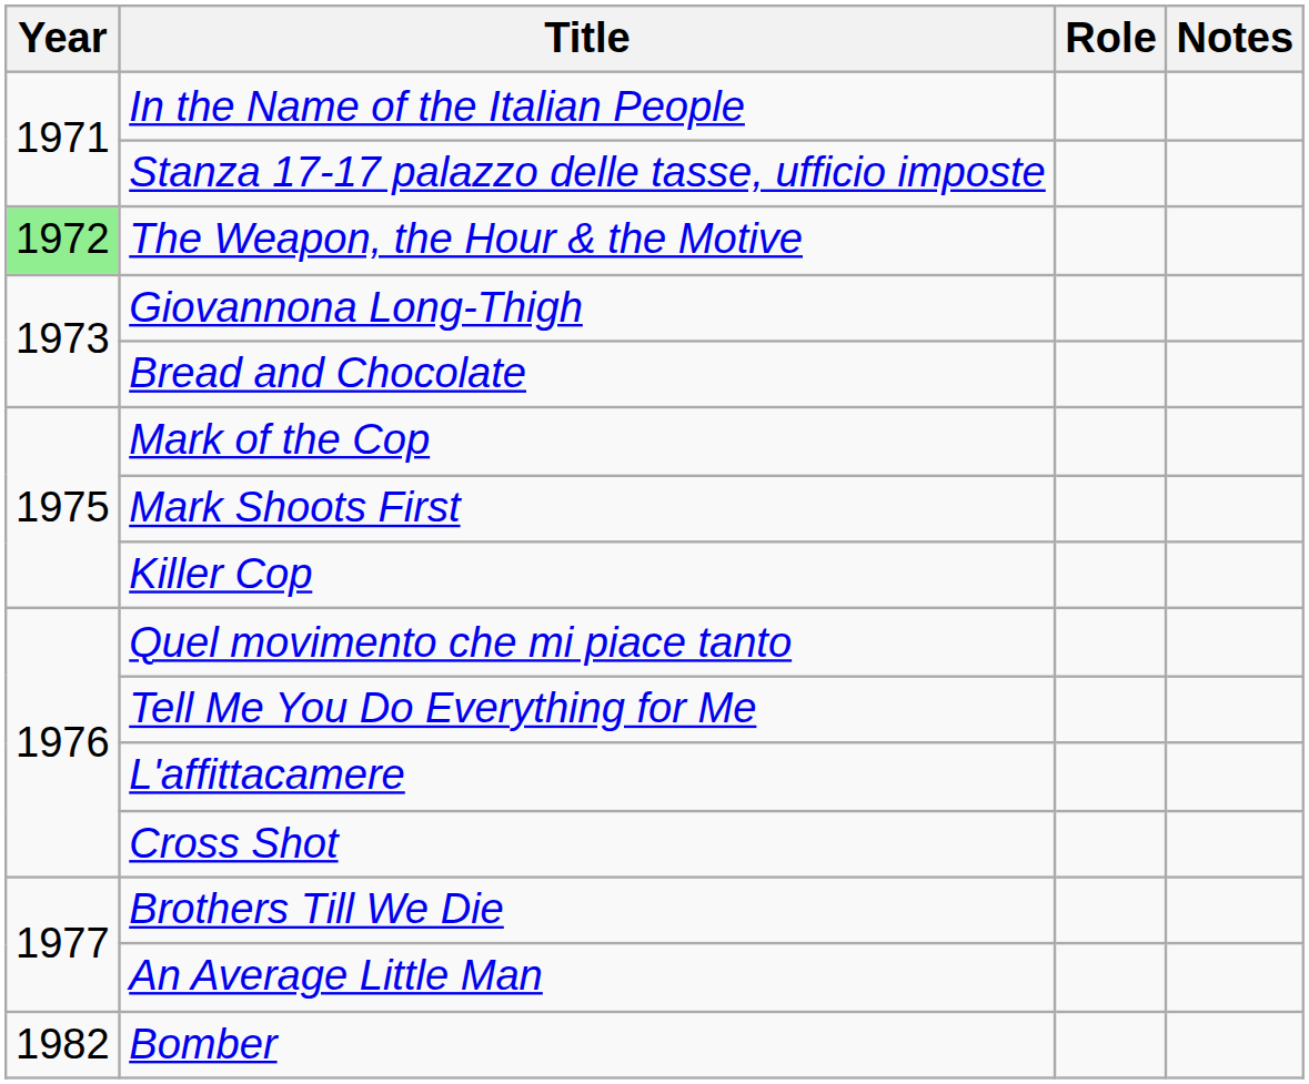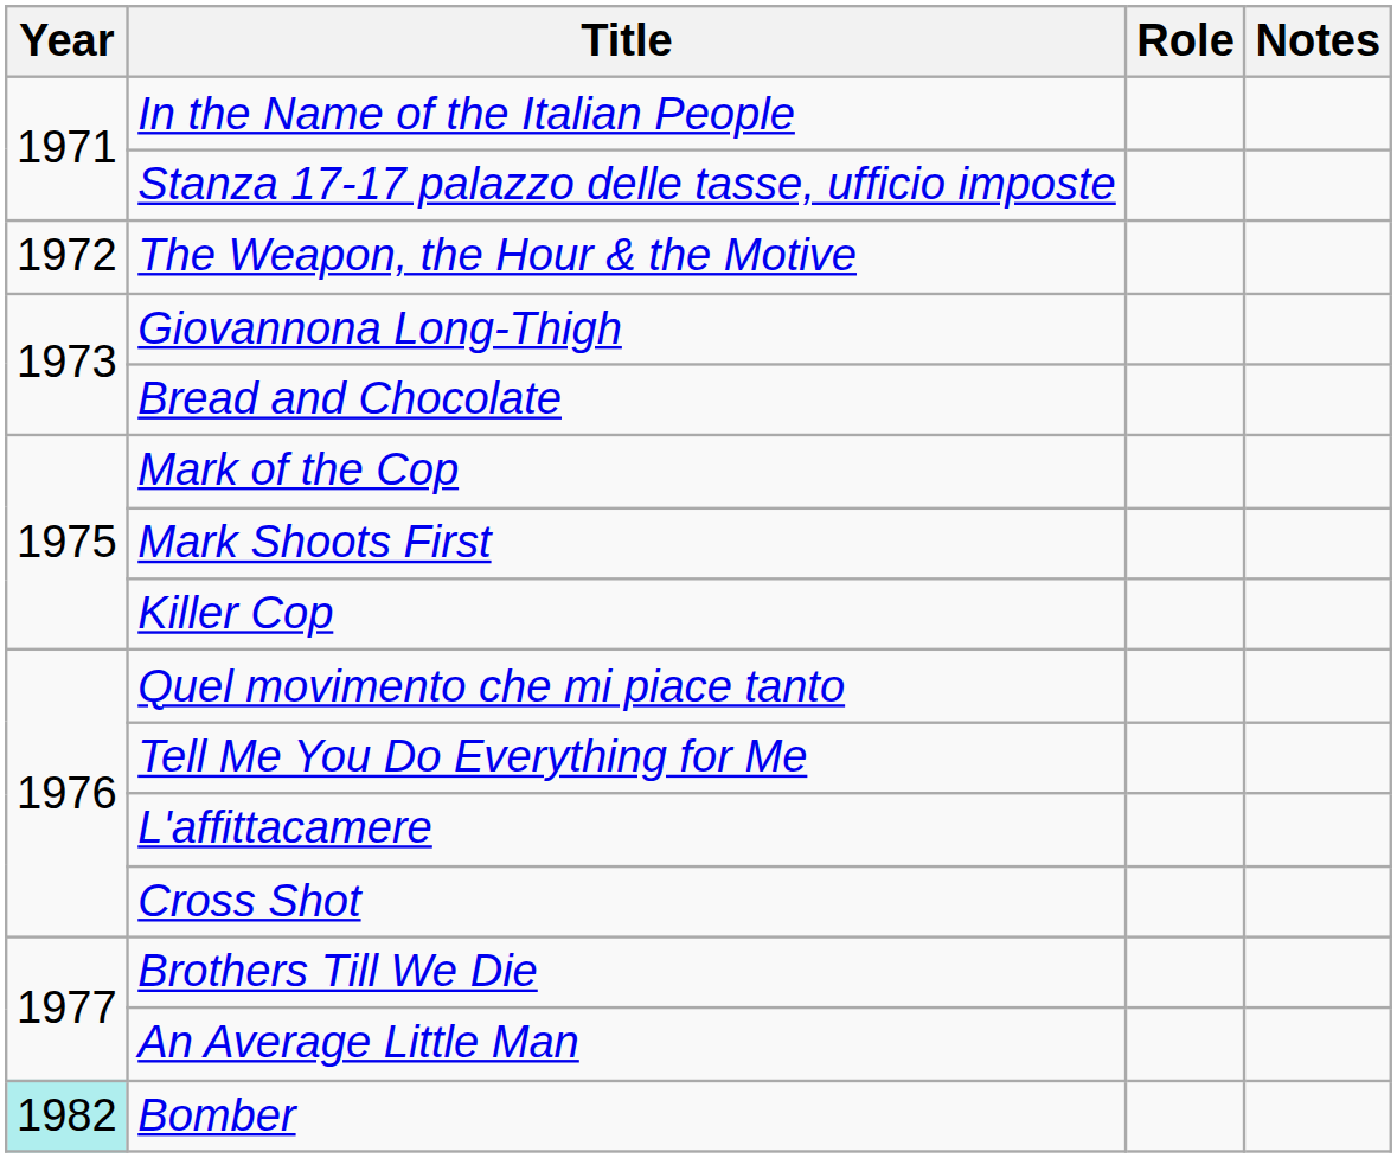 <table class="wikitable sortable">
 <tr>
 <th>Year</th>
 <th>Title</th>
 <th>Role</th>
 <th class="unsortable">Notes</th>
 </tr>
 <tr>
 <td rowspan=2>1971</td>
 <td><em><a href='#'>In the Name of the Italian People</a></em></td>
 <td></td>
 <td></td>
 </tr>
 <tr>
 <td><em><a href='#'>Stanza 17-17 palazzo delle tasse, ufficio imposte</a></em></td>
 <td></td>
 <td></td>
 </tr>
 <tr>
-<td style="background: lightgreen;">1972</td>
+<td>1972</td>
 <td><em><a href='#'>The Weapon, the Hour & the Motive</a></em></td>
 <td></td>
 <td></td>
 </tr>
 <tr>
 <td rowspan=2>1973</td>
 <td><em><a href='#'>Giovannona Long-Thigh</a></em></td>
 <td></td>
 <td></td>
 </tr>
 <tr>
 <td><em><a href='#'>Bread and Chocolate</a></em></td>
 <td></td>
 <td></td>
 </tr>
 <tr>
 <td rowspan=3>1975</td>
 <td><em><a href='#'>Mark of the Cop</a></em></td>
 <td></td>
 <td></td>
 </tr>
 <tr>
 <td><em><a href='#'>Mark Shoots First</a></em></td>
 <td></td>
 <td></td>
 </tr>
 <tr>
 <td><em><a href='#'>Killer Cop</a></em></td>
 <td></td>
 <td></td>
 </tr>
 <tr>
 <td rowspan=4>1976</td>
 <td><em><a href='#'>Quel movimento che mi piace tanto</a></em></td>
 <td></td>
 <td></td>
 </tr>
 <tr>
 <td><em><a href='#'>Tell Me You Do Everything for Me</a></em></td>
 <td></td>
 <td></td>
 </tr>
 <tr>
 <td><em><a href='#'>L'affittacamere</a></em></td>
 <td></td>
 <td></td>
 </tr>
 <tr>
 <td><em><a href='#'>Cross Shot</a></em></td>
 <td></td>
 <td></td>
 </tr>
 <tr>
 <td rowspan=2>1977</td>
 <td><em><a href='#'>Brothers Till We Die</a></em></td>
 <td></td>
 <td></td>
 </tr>
 <tr>
 <td><em><a href='#'>An Average Little Man</a></em></td>
 <td></td>
 <td></td>
 </tr>
 <tr>
-<td>1982</td>
+<td style="background: paleturquoise;">1982</td>
 <td><em><a href='#'>Bomber</a></em></td>
 <td></td>
 <td></td>
 </tr>
 </table>
